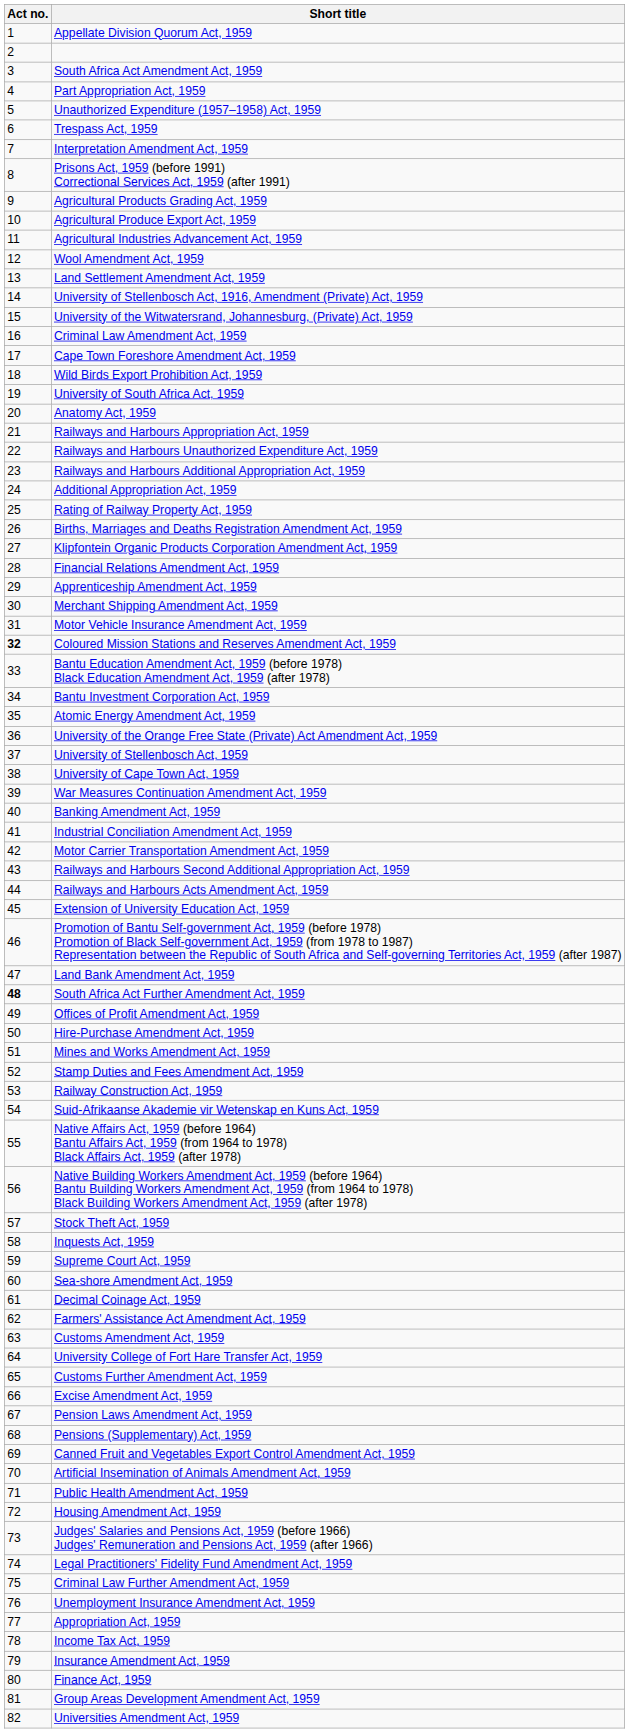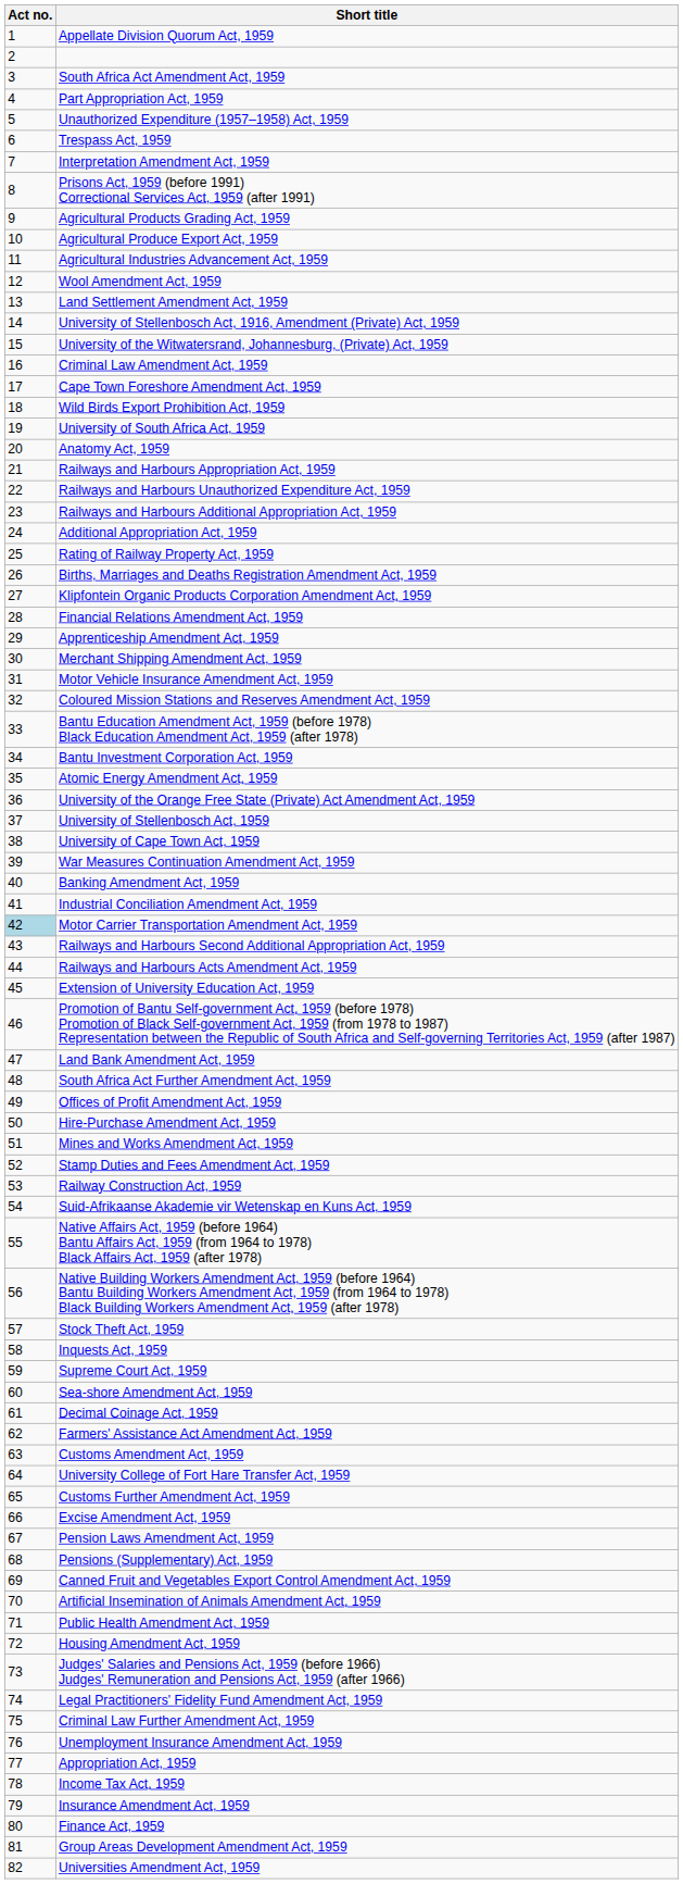 <table class="wikitable sortable">
 <tr>
 <th>Act no.</th>
 <th>Short title</th>
 </tr>
 <tr>
 <td>1</td>
 <td><a href='#'>Appellate Division Quorum Act, 1959</a></td>
 </tr>
 <tr>
 <td>2</td>
 <td></td>
 </tr>
 <tr>
 <td>3</td>
 <td><a href='#'>South Africa Act Amendment Act, 1959</a></td>
 </tr>
 <tr>
 <td>4</td>
 <td><a href='#'>Part Appropriation Act, 1959</a></td>
 </tr>
 <tr>
 <td>5</td>
 <td><a href='#'>Unauthorized Expenditure (1957–1958) Act, 1959</a></td>
 </tr>
 <tr>
 <td>6</td>
 <td><a href='#'>Trespass Act, 1959</a></td>
 </tr>
 <tr>
 <td>7</td>
 <td><a href='#'>Interpretation Amendment Act, 1959</a></td>
 </tr>
 <tr>
 <td>8</td>
 <td><a href='#'>Prisons Act, 1959</a> (before 1991) <br><a href='#'>Correctional Services Act, 1959</a> (after 1991)</td>
 </tr>
 <tr>
 <td>9</td>
 <td><a href='#'>Agricultural Products Grading Act, 1959</a></td>
 </tr>
 <tr>
 <td>10</td>
 <td><a href='#'>Agricultural Produce Export Act, 1959</a></td>
 </tr>
 <tr>
 <td>11</td>
 <td><a href='#'>Agricultural Industries Advancement Act, 1959</a></td>
 </tr>
 <tr>
 <td>12</td>
 <td><a href='#'>Wool Amendment Act, 1959</a></td>
 </tr>
 <tr>
 <td>13</td>
 <td><a href='#'>Land Settlement Amendment Act, 1959</a></td>
 </tr>
 <tr>
 <td>14</td>
 <td><a href='#'>University of Stellenbosch Act, 1916, Amendment (Private) Act, 1959</a></td>
 </tr>
 <tr>
 <td>15</td>
 <td><a href='#'>University of the Witwatersrand, Johannesburg, (Private) Act, 1959</a></td>
 </tr>
 <tr>
 <td>16</td>
 <td><a href='#'>Criminal Law Amendment Act, 1959</a></td>
 </tr>
 <tr>
 <td>17</td>
 <td><a href='#'>Cape Town Foreshore Amendment Act, 1959</a></td>
 </tr>
 <tr>
 <td>18</td>
 <td><a href='#'>Wild Birds Export Prohibition Act, 1959</a></td>
 </tr>
 <tr>
 <td>19</td>
 <td><a href='#'>University of South Africa Act, 1959</a></td>
 </tr>
 <tr>
 <td>20</td>
 <td><a href='#'>Anatomy Act, 1959</a></td>
 </tr>
 <tr>
 <td>21</td>
 <td><a href='#'>Railways and Harbours Appropriation Act, 1959</a></td>
 </tr>
 <tr>
 <td>22</td>
 <td><a href='#'>Railways and Harbours Unauthorized Expenditure Act, 1959</a></td>
 </tr>
 <tr>
 <td>23</td>
 <td><a href='#'>Railways and Harbours Additional Appropriation Act, 1959</a></td>
 </tr>
 <tr>
 <td>24</td>
 <td><a href='#'>Additional Appropriation Act, 1959</a></td>
 </tr>
 <tr>
 <td>25</td>
 <td><a href='#'>Rating of Railway Property Act, 1959</a></td>
 </tr>
 <tr>
 <td>26</td>
 <td><a href='#'>Births, Marriages and Deaths Registration Amendment Act, 1959</a></td>
 </tr>
 <tr>
 <td>27</td>
 <td><a href='#'>Klipfontein Organic Products Corporation Amendment Act, 1959</a></td>
 </tr>
 <tr>
 <td>28</td>
 <td><a href='#'>Financial Relations Amendment Act, 1959</a></td>
 </tr>
 <tr>
 <td>29</td>
 <td><a href='#'>Apprenticeship Amendment Act, 1959</a></td>
 </tr>
 <tr>
 <td>30</td>
 <td><a href='#'>Merchant Shipping Amendment Act, 1959</a></td>
 </tr>
 <tr>
 <td>31</td>
 <td><a href='#'>Motor Vehicle Insurance Amendment Act, 1959</a></td>
 </tr>
 <tr>
-<td><strong>32</strong></td>
+<td>32</td>
 <td><a href='#'>Coloured Mission Stations and Reserves Amendment Act, 1959</a></td>
 </tr>
 <tr>
 <td>33</td>
 <td><a href='#'>Bantu Education Amendment Act, 1959</a> (before 1978) <br><a href='#'>Black Education Amendment Act, 1959</a> (after 1978)</td>
 </tr>
 <tr>
 <td>34</td>
 <td><a href='#'>Bantu Investment Corporation Act, 1959</a></td>
 </tr>
 <tr>
 <td>35</td>
 <td><a href='#'>Atomic Energy Amendment Act, 1959</a></td>
 </tr>
 <tr>
 <td>36</td>
 <td><a href='#'>University of the Orange Free State (Private) Act Amendment Act, 1959</a></td>
 </tr>
 <tr>
 <td>37</td>
 <td><a href='#'>University of Stellenbosch Act, 1959</a></td>
 </tr>
 <tr>
 <td>38</td>
 <td><a href='#'>University of Cape Town Act, 1959</a></td>
 </tr>
 <tr>
 <td>39</td>
 <td><a href='#'>War Measures Continuation Amendment Act, 1959</a></td>
 </tr>
 <tr>
 <td>40</td>
 <td><a href='#'>Banking Amendment Act, 1959</a></td>
 </tr>
 <tr>
 <td>41</td>
 <td><a href='#'>Industrial Conciliation Amendment Act, 1959</a></td>
 </tr>
 <tr>
-<td>42</td>
+<td style="background: lightblue;">42</td>
 <td><a href='#'>Motor Carrier Transportation Amendment Act, 1959</a></td>
 </tr>
 <tr>
 <td>43</td>
 <td><a href='#'>Railways and Harbours Second Additional Appropriation Act, 1959</a></td>
 </tr>
 <tr>
 <td>44</td>
 <td><a href='#'>Railways and Harbours Acts Amendment Act, 1959</a></td>
 </tr>
 <tr>
 <td>45</td>
 <td><a href='#'>Extension of University Education Act, 1959</a></td>
 </tr>
 <tr>
 <td>46</td>
 <td><a href='#'>Promotion of Bantu Self-government Act, 1959</a> (before 1978) <br><a href='#'>Promotion of Black Self-government Act, 1959</a> (from 1978 to 1987) <br><a href='#'>Representation between the Republic of South Africa and Self-governing Territories Act, 1959</a> (after 1987)</td>
 </tr>
 <tr>
 <td>47</td>
 <td><a href='#'>Land Bank Amendment Act, 1959</a></td>
 </tr>
 <tr>
-<td><strong>48</strong></td>
+<td>48</td>
 <td><a href='#'>South Africa Act Further Amendment Act, 1959</a></td>
 </tr>
 <tr>
 <td>49</td>
 <td><a href='#'>Offices of Profit Amendment Act, 1959</a></td>
 </tr>
 <tr>
 <td>50</td>
 <td><a href='#'>Hire-Purchase Amendment Act, 1959</a></td>
 </tr>
 <tr>
 <td>51</td>
 <td><a href='#'>Mines and Works Amendment Act, 1959</a></td>
 </tr>
 <tr>
 <td>52</td>
 <td><a href='#'>Stamp Duties and Fees Amendment Act, 1959</a></td>
 </tr>
 <tr>
 <td>53</td>
 <td><a href='#'>Railway Construction Act, 1959</a></td>
 </tr>
 <tr>
 <td>54</td>
 <td><a href='#'>Suid-Afrikaanse Akademie vir Wetenskap en Kuns Act, 1959</a></td>
 </tr>
 <tr>
 <td>55</td>
 <td><a href='#'>Native Affairs Act, 1959</a> (before 1964) <br><a href='#'>Bantu Affairs Act, 1959</a> (from 1964 to 1978) <br><a href='#'>Black Affairs Act, 1959</a> (after 1978)</td>
 </tr>
 <tr>
 <td>56</td>
 <td><a href='#'>Native Building Workers Amendment Act, 1959</a> (before 1964) <br><a href='#'>Bantu Building Workers Amendment Act, 1959</a> (from 1964 to 1978) <br><a href='#'>Black Building Workers Amendment Act, 1959</a> (after 1978)</td>
 </tr>
 <tr>
 <td>57</td>
 <td><a href='#'>Stock Theft Act, 1959</a></td>
 </tr>
 <tr>
 <td>58</td>
 <td><a href='#'>Inquests Act, 1959</a></td>
 </tr>
 <tr>
 <td>59</td>
 <td><a href='#'>Supreme Court Act, 1959</a></td>
 </tr>
 <tr>
 <td>60</td>
 <td><a href='#'>Sea-shore Amendment Act, 1959</a></td>
 </tr>
 <tr>
 <td>61</td>
 <td><a href='#'>Decimal Coinage Act, 1959</a></td>
 </tr>
 <tr>
 <td>62</td>
 <td><a href='#'>Farmers' Assistance Act Amendment Act, 1959</a></td>
 </tr>
 <tr>
 <td>63</td>
 <td><a href='#'>Customs Amendment Act, 1959</a></td>
 </tr>
 <tr>
 <td>64</td>
 <td><a href='#'>University College of Fort Hare Transfer Act, 1959</a></td>
 </tr>
 <tr>
 <td>65</td>
 <td><a href='#'>Customs Further Amendment Act, 1959</a></td>
 </tr>
 <tr>
 <td>66</td>
 <td><a href='#'>Excise Amendment Act, 1959</a></td>
 </tr>
 <tr>
 <td>67</td>
 <td><a href='#'>Pension Laws Amendment Act, 1959</a></td>
 </tr>
 <tr>
 <td>68</td>
 <td><a href='#'>Pensions (Supplementary) Act, 1959</a></td>
 </tr>
 <tr>
 <td>69</td>
 <td><a href='#'>Canned Fruit and Vegetables Export Control Amendment Act, 1959</a></td>
 </tr>
 <tr>
 <td>70</td>
 <td><a href='#'>Artificial Insemination of Animals Amendment Act, 1959</a></td>
 </tr>
 <tr>
 <td>71</td>
 <td><a href='#'>Public Health Amendment Act, 1959</a></td>
 </tr>
 <tr>
 <td>72</td>
 <td><a href='#'>Housing Amendment Act, 1959</a></td>
 </tr>
 <tr>
 <td>73</td>
 <td><a href='#'>Judges' Salaries and Pensions Act, 1959</a> (before 1966) <br><a href='#'>Judges' Remuneration and Pensions Act, 1959</a> (after 1966)</td>
 </tr>
 <tr>
 <td>74</td>
 <td><a href='#'>Legal Practitioners' Fidelity Fund Amendment Act, 1959</a></td>
 </tr>
 <tr>
 <td>75</td>
 <td><a href='#'>Criminal Law Further Amendment Act, 1959</a></td>
 </tr>
 <tr>
 <td>76</td>
 <td><a href='#'>Unemployment Insurance Amendment Act, 1959</a></td>
 </tr>
 <tr>
 <td>77</td>
 <td><a href='#'>Appropriation Act, 1959</a></td>
 </tr>
 <tr>
 <td>78</td>
 <td><a href='#'>Income Tax Act, 1959</a></td>
 </tr>
 <tr>
 <td>79</td>
 <td><a href='#'>Insurance Amendment Act, 1959</a></td>
 </tr>
 <tr>
 <td>80</td>
 <td><a href='#'>Finance Act, 1959</a></td>
 </tr>
 <tr>
 <td>81</td>
 <td><a href='#'>Group Areas Development Amendment Act, 1959</a></td>
 </tr>
 <tr>
 <td>82</td>
 <td><a href='#'>Universities Amendment Act, 1959</a></td>
 </tr>
 </table>
